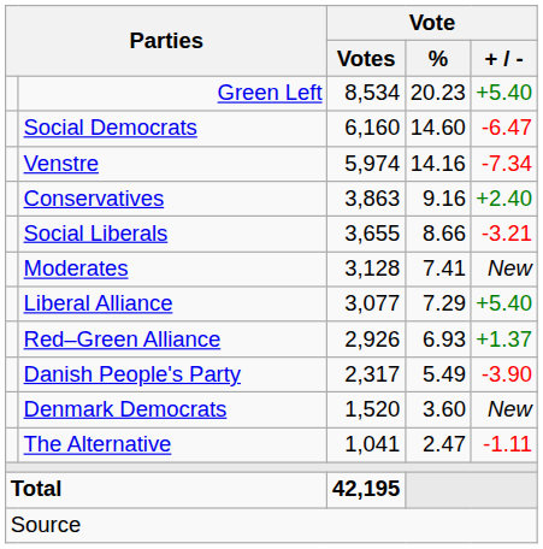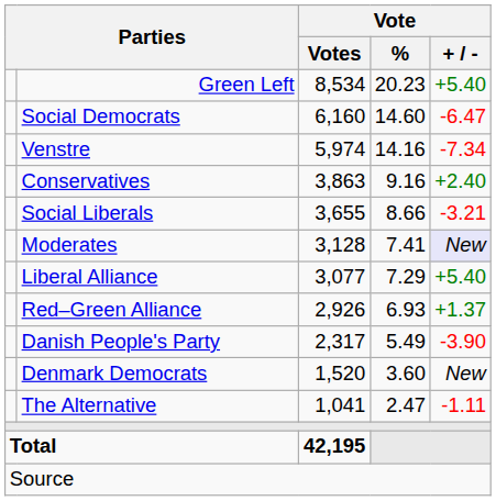 <table class="wikitable" style="text-align:right;">
 <tr>
 <th style="text-align:centre;" rowspan="2" colspan="2" width="225">Parties</th>
 <th colspan="3">Vote</th>
 </tr>
 <tr>
 <th width="15">Votes</th>
 <th width="15">%</th>
 <th width="15">+ / -</th>
 </tr>
 <tr>
 <td width=2 bgcolor=></td>
 <td><a href='#'>Green Left</a></td>
 <td>8,534</td>
 <td>20.23</td>
 <td style=color:green;>+5.40</td>
 </tr>
 <tr>
 <td width=2 bgcolor=></td>
 <td align=left><a href='#'>Social Democrats</a></td>
 <td>6,160</td>
 <td>14.60</td>
 <td style=color:red;>-6.47</td>
 </tr>
 <tr>
 <td width=2 bgcolor=></td>
 <td align=left><a href='#'>Venstre</a></td>
 <td>5,974</td>
 <td>14.16</td>
 <td style=color:red;>-7.34</td>
 </tr>
 <tr>
 <td width=2 bgcolor=></td>
 <td align=left><a href='#'>Conservatives</a></td>
 <td>3,863</td>
 <td>9.16</td>
 <td style=color:green;>+2.40</td>
 </tr>
 <tr>
 <td width=2 bgcolor=></td>
 <td align=left><a href='#'>Social Liberals</a></td>
 <td>3,655</td>
 <td>8.66</td>
 <td style=color:red;>-3.21</td>
 </tr>
 <tr>
 <td width=2 bgcolor=></td>
 <td align=left><a href='#'>Moderates</a></td>
 <td>3,128</td>
 <td>7.41</td>
-<td><em>New</em></td>
+<td style="background: lavender;"><em>New</em></td>
 </tr>
 <tr>
 <td width=2 bgcolor=></td>
 <td align=left><a href='#'>Liberal Alliance</a></td>
 <td>3,077</td>
 <td>7.29</td>
 <td style=color:green;>+5.40</td>
 </tr>
 <tr>
 <td width=2 bgcolor=></td>
 <td align=left><a href='#'>Red–Green Alliance</a></td>
 <td>2,926</td>
 <td>6.93</td>
 <td style=color:green;>+1.37</td>
 </tr>
 <tr>
 <td width=2 bgcolor=></td>
 <td align=left><a href='#'>Danish People's Party</a></td>
 <td>2,317</td>
 <td>5.49</td>
 <td style=color:red;>-3.90</td>
 </tr>
 <tr>
 <td width=2 bgcolor=></td>
 <td align=left><a href='#'>Denmark Democrats</a></td>
 <td>1,520</td>
 <td>3.60</td>
 <td><em>New</em></td>
 </tr>
 <tr>
 <td width=2 bgcolor=></td>
 <td align=left><a href='#'>The Alternative</a></td>
 <td>1,041</td>
 <td>2.47</td>
 <td style=color:red;>-1.11</td>
 </tr>
 <tr>
 <td colspan="7" bgcolor="#E9E9E9"></td>
 </tr>
 <tr>
 <td align="left" colspan="2"><strong>Total</strong></td>
 <td><strong>42,195</strong></td>
 <td bgcolor=#E9E9E9 colspan=2></td>
 </tr>
 <tr>
 <td align="left" colspan="6">Source</td>
 </tr>
 </table>
